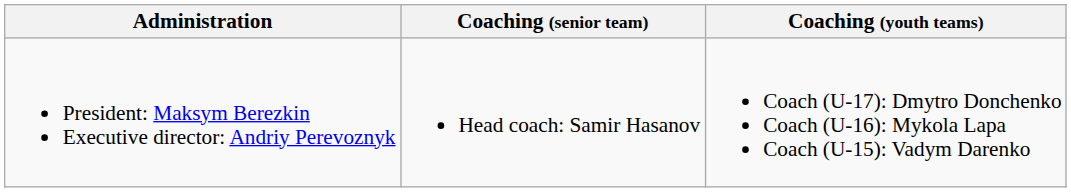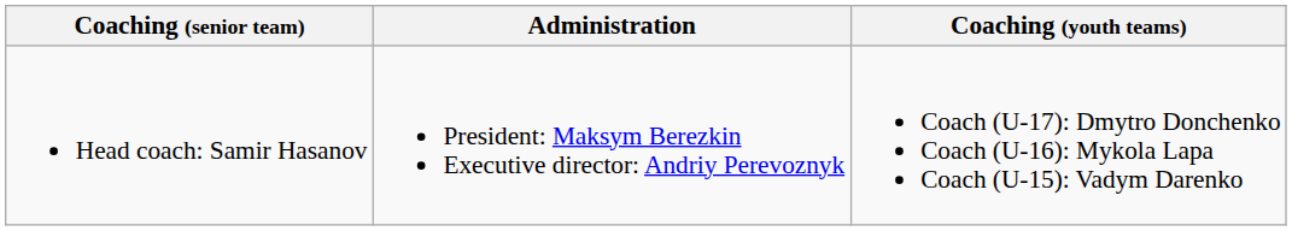 <table class="wikitable" border="1">
 <tr>
+<th>Coaching <small>(senior team)</small></th>
 <th>Administration</th>
-<th>Coaching <small>(senior team)</small></th>
 <th>Coaching <small>(youth teams)</small></th>
 </tr>
 <tr>
+<td><br><ul><li>Head coach: Samir Hasanov</li></ul></td>
 <td><br><ul><li>President: <a href='#'>Maksym Berezkin</a></li><li>Executive director: <a href='#'>Andriy Perevoznyk</a></li></ul></td>
-<td><br><ul><li>Head coach: Samir Hasanov</li></ul></td>
 <td><br><ul><li>Coach (U-17): Dmytro Donchenko</li><li>Coach (U-16): Mykola Lapa</li><li>Coach (U-15): Vadym Darenko</li></ul></td>
 </tr>
 </table>
